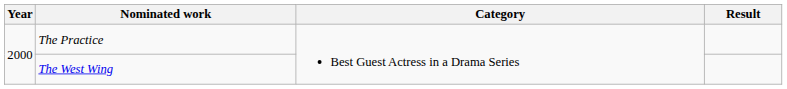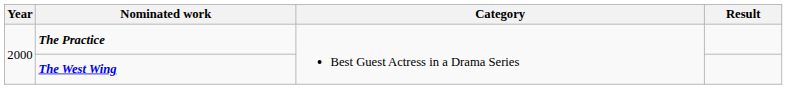 <table class=wikitable>
 <tr>
 <th width=4%>Year</th>
 <th width=33.5%>Nominated work</th>
 <th width=52.5%>Category</th>
 <th width=10%>Result</th>
 </tr>
 <tr>
 <td rowspan=2>2000</td>
-<td><em>The Practice</em></td>
+<td><strong><em>The Practice</em></strong></td>
 <td rowspan=2><br><ul><li>Best Guest Actress in a Drama Series</li></ul></td>
 <td></td>
 </tr>
 <tr>
-<td><em><a href='#'>The West Wing</a></em></td>
+<td><strong><em><a href='#'>The West Wing</a></em></strong></td>
 <td></td>
 </tr>
 </table>
